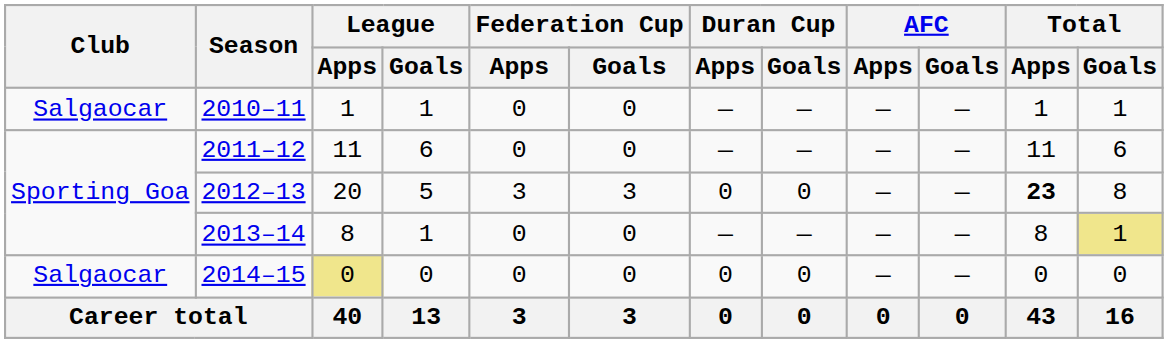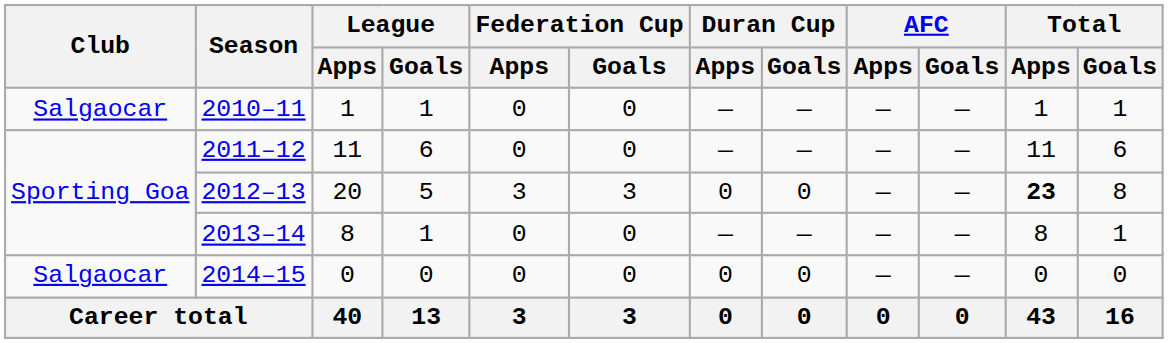 <table class="wikitable" style="font-size:90%; text-align:center;">
 <tr>
 <th rowspan="2">Club</th>
 <th rowspan="2">Season</th>
 <th colspan="2">League</th>
 <th colspan="2">Federation Cup</th>
 <th colspan="2">Duran Cup</th>
 <th colspan="2"><a href='#'>AFC</a></th>
 <th colspan="2">Total</th>
 </tr>
 <tr>
 <th>Apps</th>
 <th>Goals</th>
 <th>Apps</th>
 <th>Goals</th>
 <th>Apps</th>
 <th>Goals</th>
 <th>Apps</th>
 <th>Goals</th>
 <th>Apps</th>
 <th>Goals</th>
 </tr>
 <tr>
 <td rowspan="1"><a href='#'>Salgaocar</a></td>
 <td><a href='#'>2010–11</a></td>
 <td>1</td>
 <td>1</td>
 <td>0</td>
 <td>0</td>
 <td>—</td>
 <td>—</td>
 <td>—</td>
 <td>—</td>
 <td>1</td>
 <td>1</td>
 </tr>
 <tr>
 <td rowspan="3"><a href='#'>Sporting Goa</a></td>
 <td><a href='#'>2011–12</a></td>
 <td>11</td>
 <td>6</td>
 <td>0</td>
 <td>0</td>
 <td>—</td>
 <td>—</td>
 <td>—</td>
 <td>—</td>
 <td>11</td>
 <td>6</td>
 </tr>
 <tr>
 <td><a href='#'>2012–13</a></td>
 <td>20</td>
 <td>5</td>
 <td>3</td>
 <td>3</td>
 <td>0</td>
 <td>0</td>
 <td>—</td>
 <td>—</td>
 <td><strong>23</strong></td>
 <td>8</td>
 </tr>
 <tr>
 <td><a href='#'>2013–14</a></td>
 <td>8</td>
 <td>1</td>
 <td>0</td>
 <td>0</td>
 <td>—</td>
 <td>—</td>
 <td>—</td>
 <td>—</td>
 <td>8</td>
-<td style="background: khaki;">1</td>
+<td>1</td>
 </tr>
 <tr>
 <td rowspan="1"><a href='#'>Salgaocar</a></td>
 <td><a href='#'>2014–15</a></td>
-<td style="background: khaki;">0</td>
+<td>0</td>
 <td>0</td>
 <td>0</td>
 <td>0</td>
 <td>0</td>
 <td>0</td>
 <td>—</td>
 <td>—</td>
 <td>0</td>
 <td>0</td>
 </tr>
 <tr>
 <th colspan="2">Career total</th>
 <th>40</th>
 <th>13</th>
 <th>3</th>
 <th>3</th>
 <th>0</th>
 <th>0</th>
 <th>0</th>
 <th>0</th>
 <th>43</th>
 <th>16</th>
 </tr>
 </table>
